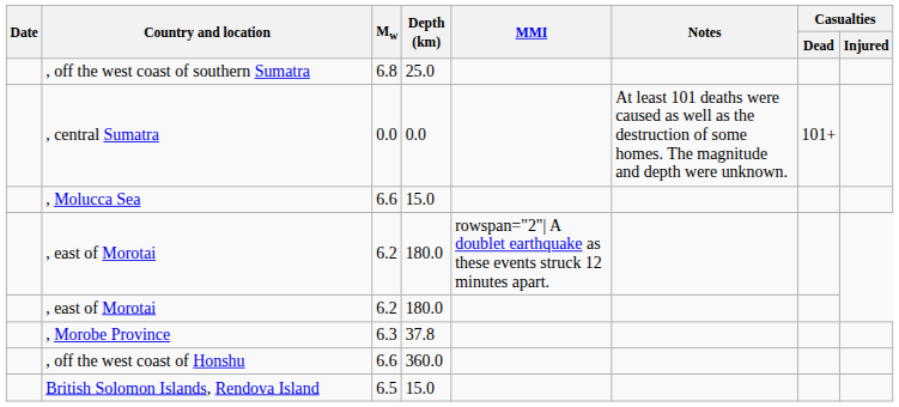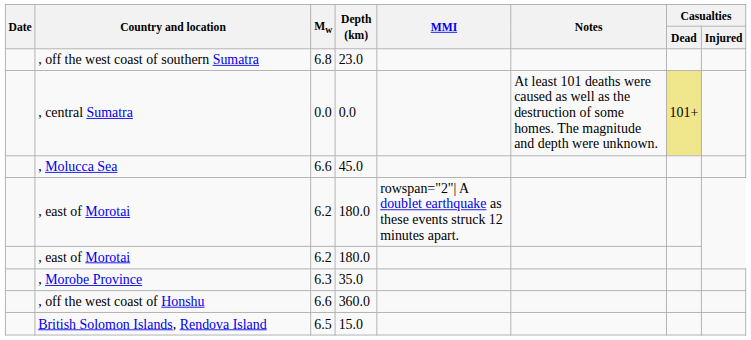 <table class="wikitable sortable sort-under" style="border:1px black; margin-left:1em;">
 <tr>
 <th rowspan="2"><small>Date</small></th>
 <th rowspan="2" style="width: 310px"><small>Country and location</small></th>
 <th rowspan="2"><small>M<sub>w</sub></small></th>
 <th rowspan="2"><small>Depth (km)</small></th>
 <th rowspan="2"><small><a href='#'>MMI</a></small></th>
 <th rowspan="2" class="unsortable"><small>Notes</small></th>
 <th colspan="2"><small>Casualties</small></th>
 </tr>
 <tr>
 <th><small>Dead</small></th>
 <th><small>Injured</small></th>
 </tr>
 <tr>
 <td></td>
 <td>, off the west coast of southern <a href='#'>Sumatra</a></td>
 <td>6.8</td>
-<td>25.0</td>
+<td>23.0</td>
 <td></td>
 <td></td>
 <td></td>
 <td></td>
 </tr>
 <tr>
 <td></td>
 <td>, central <a href='#'>Sumatra</a></td>
 <td>0.0</td>
 <td>0.0</td>
 <td></td>
 <td>At least 101 deaths were caused as well as the destruction of some homes. The magnitude and depth were unknown.</td>
-<td>101+</td>
+<td style="background: khaki;">101+</td>
 <td></td>
 </tr>
 <tr>
 <td></td>
 <td>, <a href='#'>Molucca Sea</a></td>
 <td>6.6</td>
-<td>15.0</td>
+<td>45.0</td>
 <td></td>
 <td></td>
 <td></td>
 <td></td>
 </tr>
 <tr>
 <td></td>
 <td>, east of <a href='#'>Morotai</a></td>
 <td>6.2</td>
 <td>180.0</td>
 <td>rowspan="2"| A <a href='#'>doublet earthquake</a> as these events struck 12 minutes apart.</td>
 <td></td>
 <td></td>
 </tr>
 <tr>
 <td></td>
 <td>, east of <a href='#'>Morotai</a></td>
 <td>6.2</td>
 <td>180.0</td>
 <td></td>
 <td></td>
 <td></td>
 </tr>
 <tr>
 <td></td>
 <td>, <a href='#'>Morobe Province</a></td>
 <td>6.3</td>
-<td>37.8</td>
+<td>35.0</td>
 <td></td>
 <td></td>
 <td></td>
 <td></td>
 </tr>
 <tr>
 <td></td>
 <td>, off the west coast of <a href='#'>Honshu</a></td>
 <td>6.6</td>
 <td>360.0</td>
 <td></td>
 <td></td>
 <td></td>
 <td></td>
 </tr>
 <tr>
 <td></td>
 <td> <a href='#'>British Solomon Islands</a>, <a href='#'>Rendova Island</a></td>
 <td>6.5</td>
 <td>15.0</td>
 <td></td>
 <td></td>
 <td></td>
 <td></td>
 </tr>
 </table>
